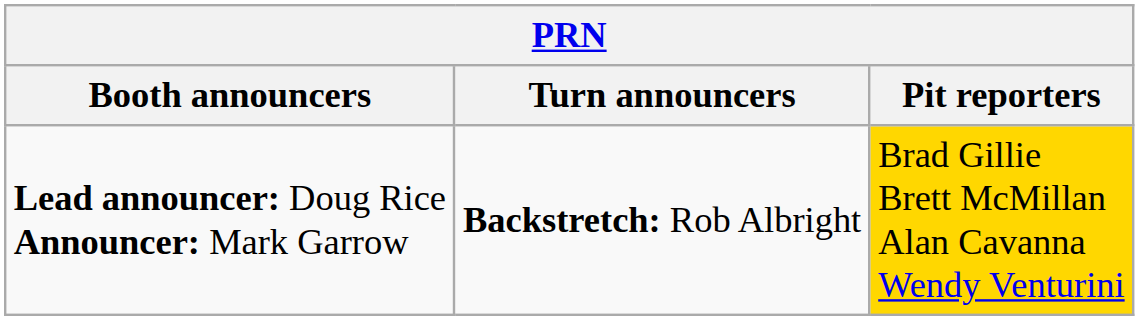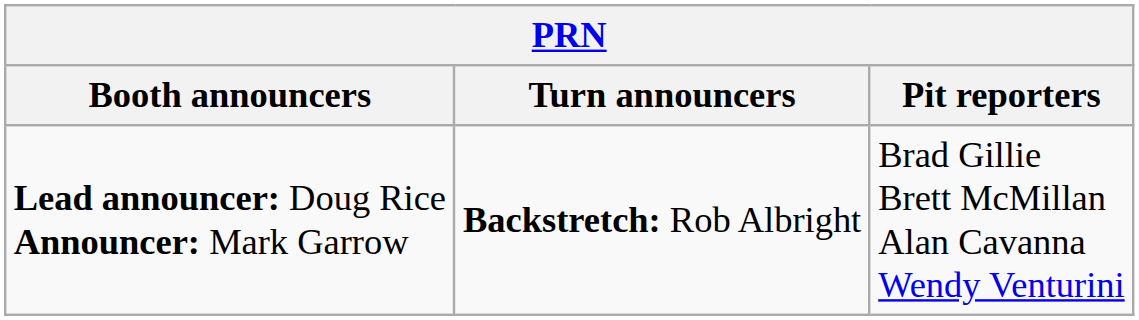 <table class="wikitable" style="font-size: 95%">
 <tr>
 <th colspan="3"><a href='#'>PRN</a></th>
 </tr>
 <tr>
 <th>Booth announcers</th>
 <th>Turn announcers</th>
 <th>Pit reporters</th>
 </tr>
 <tr>
 <td><strong>Lead announcer:</strong> Doug Rice<br><strong>Announcer:</strong> Mark Garrow</td>
 <td><strong>Backstretch:</strong> Rob Albright</td>
-<td style="background: gold;">Brad Gillie<br>Brett McMillan<br>Alan Cavanna<br><a href='#'>Wendy Venturini</a></td>
+<td>Brad Gillie<br>Brett McMillan<br>Alan Cavanna<br><a href='#'>Wendy Venturini</a></td>
 </tr>
 </table>
